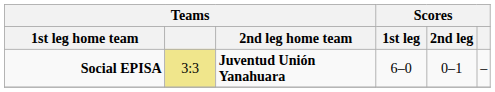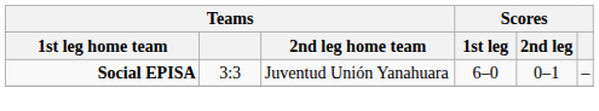 <table class="wikitable" style="text-align: center;">
 <tr>
 <th colspan=3>Teams</th>
 <th colspan=3>Scores</th>
 </tr>
 <tr>
 <th width="175">1st leg home team</th>
 <th width="50"></th>
 <th width="175">2nd leg home team</th>
 <th width="50">1st leg</th>
 <th width="50">2nd leg</th>
 <th></th>
 </tr>
 <tr>
 <td align=right><strong>Social EPISA</strong></td>
-<td style="background: khaki;">3:3</td>
-<td align=left><strong>Juventud Unión Yanahuara</strong></td>
+<td>3:3</td>
+<td align=left>Juventud Unión Yanahuara</td>
 <td>6–0</td>
 <td>0–1</td>
 <td>–</td>
 </tr>
 <tr>
 </tr>
 </table>
